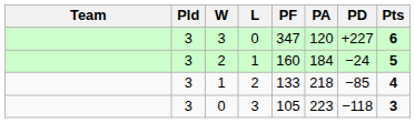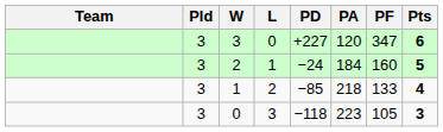 <table class="wikitable" style="text-align:center;">
 <tr>
 <th width=180>Team</th>
 <th width=30>Pld</th>
 <th width=30>W</th>
 <th width=30>L</th>
+<th width=30>PD</th>
+<th width=30>PA</th>
 <th width=30>PF</th>
-<th width=30>PA</th>
-<th width=30>PD</th>
 <th width=30>Pts</th>
 </tr>
 <tr bgcolor="#ccffcc">
 <td align=left></td>
 <td>3</td>
 <td>3</td>
 <td>0</td>
+<td>+227</td>
+<td>120</td>
 <td>347</td>
-<td>120</td>
-<td>+227</td>
 <td><strong>6</strong></td>
 </tr>
 <tr bgcolor="#ccffcc">
 <td align=left></td>
 <td>3</td>
 <td>2</td>
 <td>1</td>
+<td>−24</td>
+<td>184</td>
 <td>160</td>
-<td>184</td>
-<td>−24</td>
 <td><strong>5</strong></td>
 </tr>
 <tr>
 <td align=left></td>
 <td>3</td>
 <td>1</td>
 <td>2</td>
+<td>−85</td>
+<td>218</td>
 <td>133</td>
-<td>218</td>
-<td>−85</td>
 <td><strong>4</strong></td>
 </tr>
 <tr>
 <td align=left></td>
 <td>3</td>
 <td>0</td>
 <td>3</td>
+<td>−118</td>
+<td>223</td>
 <td>105</td>
-<td>223</td>
-<td>−118</td>
 <td><strong>3</strong></td>
 </tr>
 </table>
